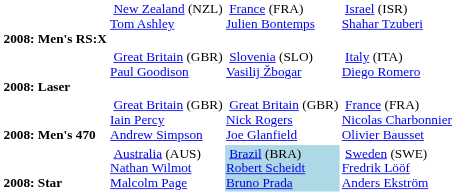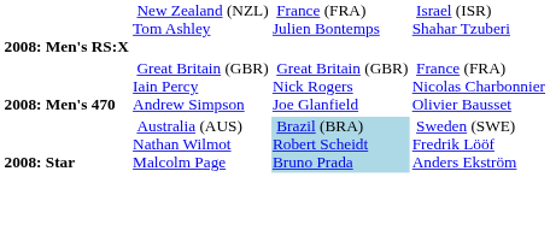 <table>
 <tr>
 <td style="align:center;"><br><br><strong>2008: Men's RS:X</strong> <br></td>
 <td style="vertical-align:top;"> <a href='#'>New Zealand</a> <span>(NZL)</span><br><a href='#'>Tom Ashley</a></td>
 <td style="vertical-align:top;"> <a href='#'>France</a> <span>(FRA)</span><br><a href='#'>Julien Bontemps</a></td>
 <td style="vertical-align:top;"> <a href='#'>Israel</a> <span>(ISR)</span><br><a href='#'>Shahar Tzuberi</a></td>
-</tr>
-<tr>
-<td style="align:center;"><br><br><strong>2008: Laser</strong> <br></td>
-<td style="vertical-align:top;"> <a href='#'>Great Britain</a> <span>(GBR)</span><br><a href='#'>Paul Goodison</a></td>
-<td style="vertical-align:top;"> <a href='#'>Slovenia</a> <span>(SLO)</span><br><a href='#'>Vasilij Žbogar</a></td>
-<td style="vertical-align:top;"> <a href='#'>Italy</a> <span>(ITA)</span><br><a href='#'>Diego Romero</a></td>
 </tr>
 <tr>
 <td style="align:center;"><br><br><strong>2008: Men's 470</strong> <br></td>
 <td style="vertical-align:top;"> <a href='#'>Great Britain</a> <span>(GBR)</span><br><a href='#'>Iain Percy</a><br><a href='#'>Andrew Simpson</a></td>
 <td style="vertical-align:top;"> <a href='#'>Great Britain</a> <span>(GBR)</span><br><a href='#'>Nick Rogers</a><br><a href='#'>Joe Glanfield</a></td>
 <td style="vertical-align:top;"> <a href='#'>France</a> <span>(FRA)</span><br><a href='#'>Nicolas Charbonnier</a><br><a href='#'>Olivier Bausset</a></td>
 </tr>
 <tr>
 <td style="align:center;"><br><br><strong>2008: Star</strong> <br></td>
 <td style="vertical-align:top;"> <a href='#'>Australia</a> <span>(AUS)</span><br><a href='#'>Nathan Wilmot</a><br><a href='#'>Malcolm Page</a></td>
 <td style="background: lightblue; vertical-align:top;"> <a href='#'>Brazil</a> <span>(BRA)</span><br><a href='#'>Robert Scheidt</a><br><a href='#'>Bruno Prada</a></td>
 <td style="vertical-align:top;"> <a href='#'>Sweden</a> <span>(SWE)</span><br><a href='#'>Fredrik Lööf</a><br><a href='#'>Anders Ekström</a></td>
 </tr>
 </table>
